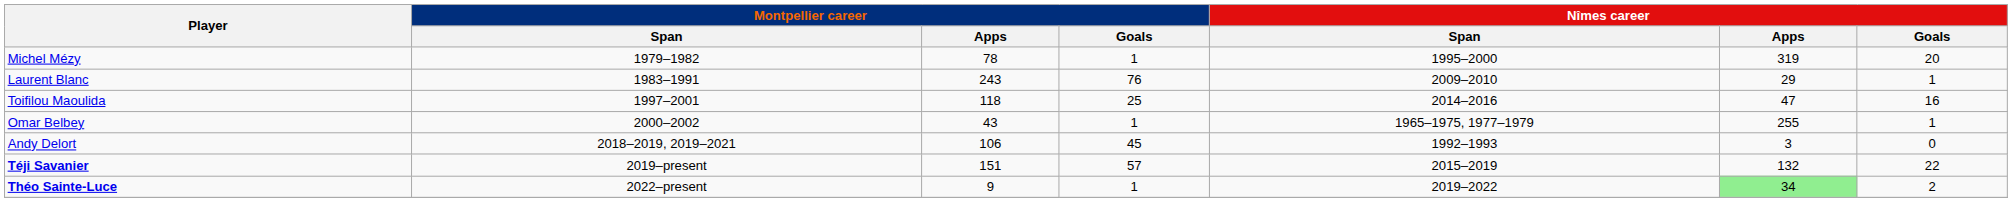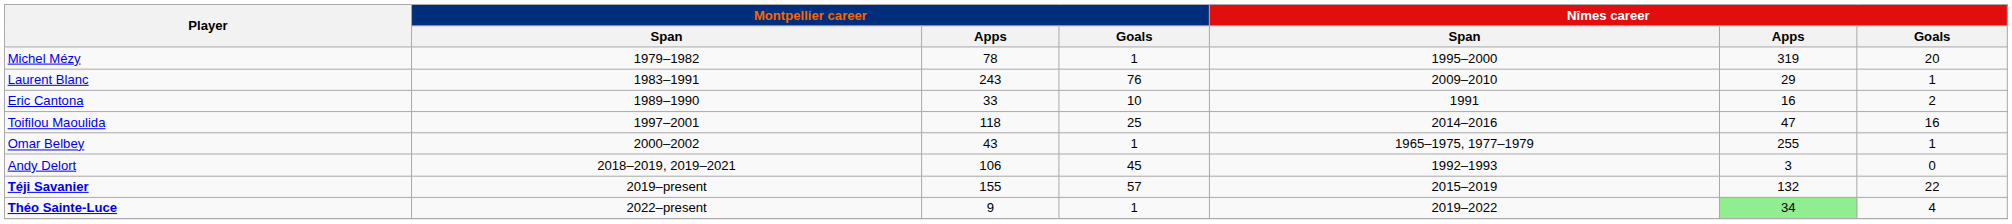 <table class="wikitable sortable" style="text-align: center; width: 100%; font-size: 13px">
 <tr>
 <th rowspan="2" scope="col">Player</th>
 <th colspan="3" scope="col" style="background:#002e7c; color:#f56701">Montpellier career</th>
 <th colspan="3" scope="col" style="background:#e20e0e; color:#fff">Nîmes career</th>
 </tr>
 <tr>
 <th scope="col">Span</th>
 <th scope="col">Apps</th>
 <th scope="col">Goals</th>
 <th scope="col">Span</th>
 <th scope="col">Apps</th>
 <th scope="col">Goals</th>
 </tr>
 <tr>
 <td style="text-align: left;"> <a href='#'>Michel Mézy</a></td>
 <td>1979–1982</td>
 <td>78</td>
 <td>1</td>
 <td>1995–2000</td>
 <td>319</td>
 <td>20</td>
 </tr>
 <tr>
 <td style="text-align: left;"> <a href='#'>Laurent Blanc</a></td>
 <td>1983–1991</td>
 <td>243</td>
 <td>76</td>
 <td>2009–2010</td>
 <td>29</td>
 <td>1</td>
 </tr>
 <tr>
+<td style="text-align: left;"> <a href='#'>Eric Cantona</a></td>
+<td>1989–1990</td>
+<td>33</td>
+<td>10</td>
+<td>1991</td>
+<td>16</td>
+<td>2</td>
+</tr>
+<tr>
 <td style="text-align: left;"> <a href='#'>Toifilou Maoulida</a></td>
 <td>1997–2001</td>
 <td>118</td>
 <td>25</td>
 <td>2014–2016</td>
 <td>47</td>
 <td>16</td>
 </tr>
 <tr>
 <td style="text-align: left;"> <a href='#'>Omar Belbey</a></td>
 <td>2000–2002</td>
 <td>43</td>
 <td>1</td>
 <td>1965–1975, 1977–1979</td>
 <td>255</td>
 <td>1</td>
 </tr>
 <tr>
 <td style="text-align: left;"> <a href='#'>Andy Delort</a></td>
 <td>2018–2019, 2019–2021</td>
 <td>106</td>
 <td>45</td>
 <td>1992–1993</td>
 <td>3</td>
 <td>0</td>
 </tr>
 <tr>
 <td style="text-align: left;"> <strong><a href='#'>Téji Savanier</a></strong></td>
 <td>2019–present</td>
-<td>151</td>
+<td>155</td>
 <td>57</td>
 <td>2015–2019</td>
 <td>132</td>
 <td>22</td>
 </tr>
 <tr>
 <td style="text-align: left;"> <strong><a href='#'>Théo Sainte-Luce</a></strong></td>
 <td>2022–present</td>
 <td>9</td>
 <td>1</td>
 <td>2019–2022</td>
 <td style="background: lightgreen;">34</td>
-<td>2</td>
+<td>4</td>
 </tr>
 <tr>
 </tr>
 </table>
